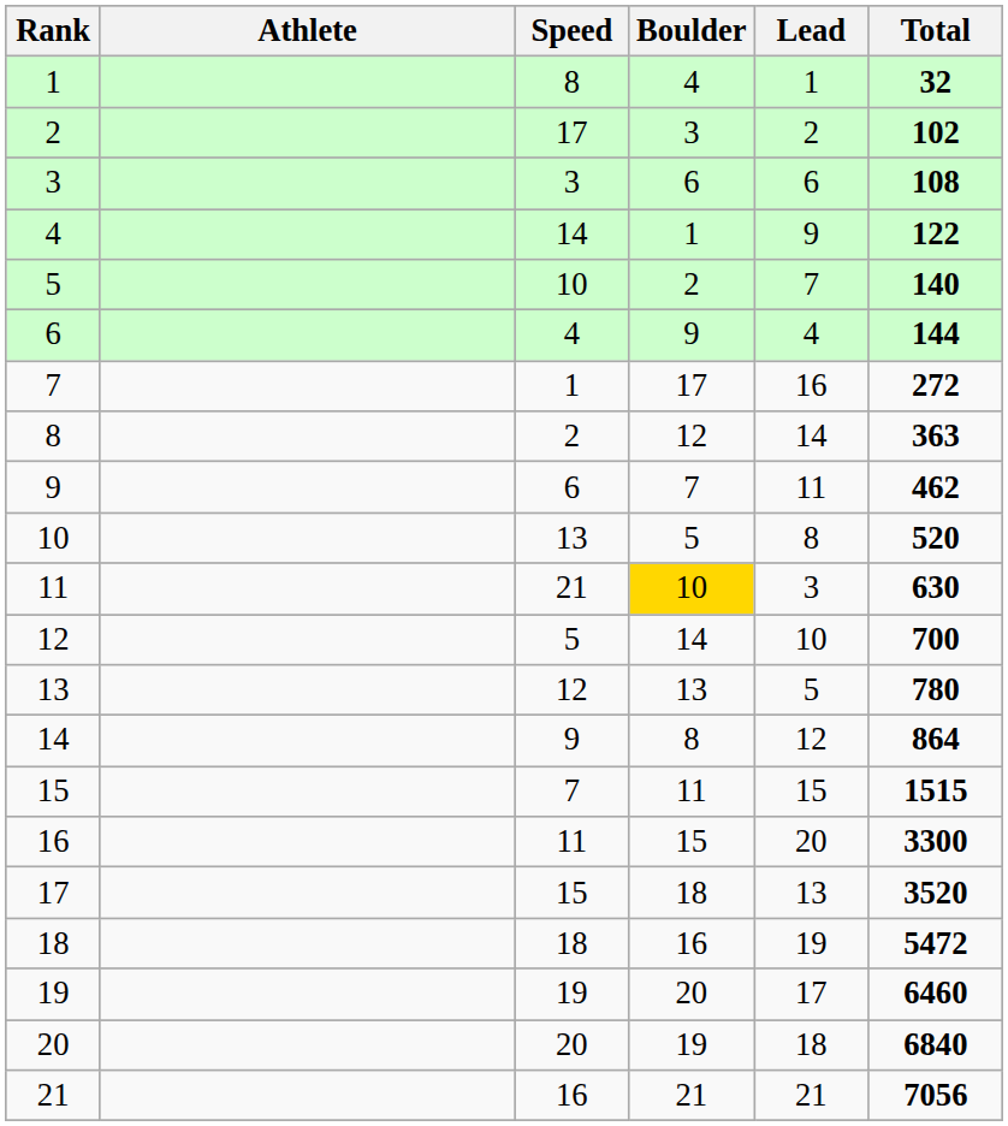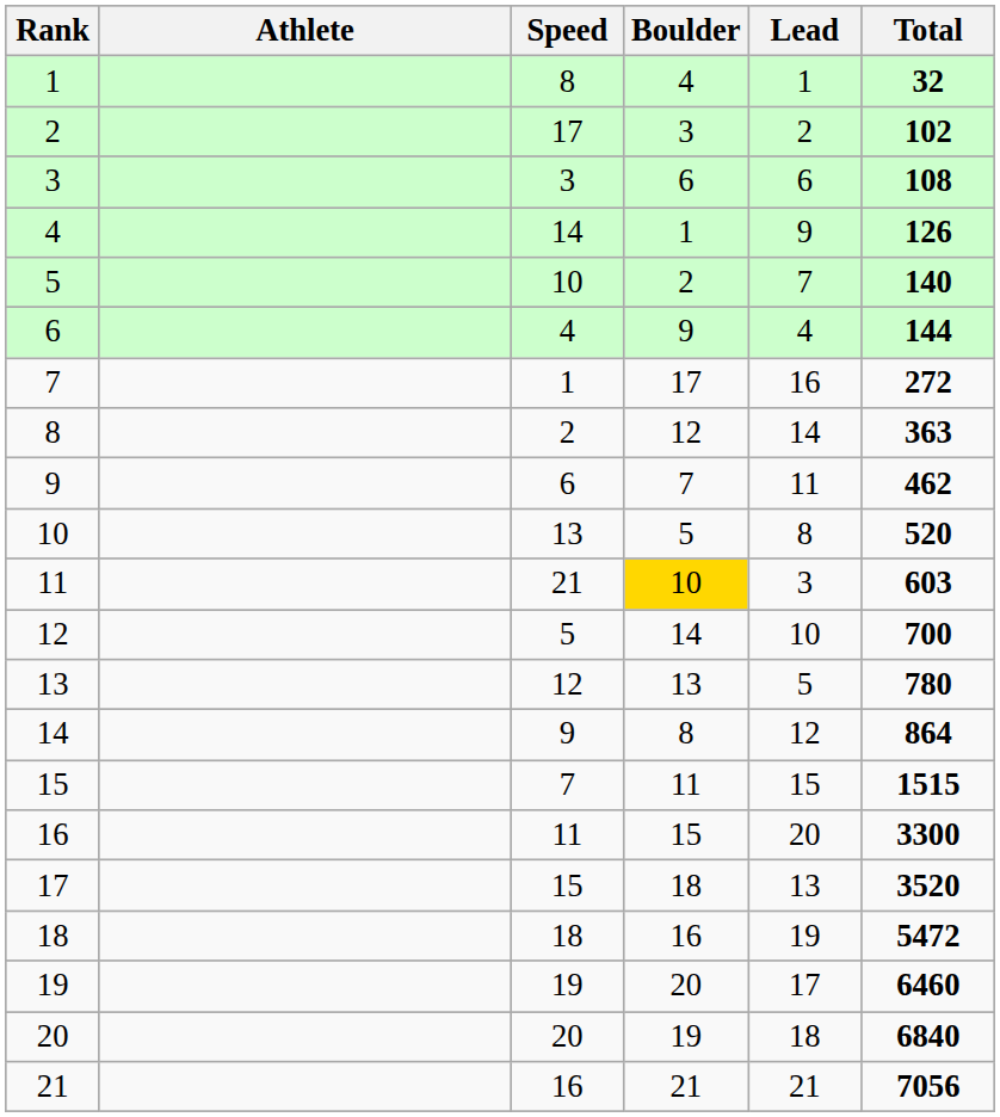 <table class="wikitable" style="text-align:center">
 <tr>
 <th width=40>Rank</th>
 <th width=200>Athlete</th>
 <th width=50>Speed</th>
 <th width=50>Boulder</th>
 <th width=50>Lead</th>
 <th width=60>Total</th>
 </tr>
 <tr bgcolor=ccffcc>
 <td>1</td>
 <td align=left></td>
 <td>8</td>
 <td>4</td>
 <td>1</td>
 <td><strong>32</strong></td>
 </tr>
 <tr bgcolor=ccffcc>
 <td>2</td>
 <td align=left></td>
 <td>17</td>
 <td>3</td>
 <td>2</td>
 <td><strong>102</strong></td>
 </tr>
 <tr bgcolor=ccffcc>
 <td>3</td>
 <td align=left></td>
 <td>3</td>
 <td>6</td>
 <td>6</td>
 <td><strong>108</strong></td>
 </tr>
 <tr bgcolor=ccffcc>
 <td>4</td>
 <td align=left></td>
 <td>14</td>
 <td>1</td>
 <td>9</td>
-<td><strong>122</strong></td>
+<td><strong>126</strong></td>
 </tr>
 <tr bgcolor=ccffcc>
 <td>5</td>
 <td align=left></td>
 <td>10</td>
 <td>2</td>
 <td>7</td>
 <td><strong>140</strong></td>
 </tr>
 <tr bgcolor=ccffcc>
 <td>6</td>
 <td align=left></td>
 <td>4</td>
 <td>9</td>
 <td>4</td>
 <td><strong>144</strong></td>
 </tr>
 <tr>
 <td>7</td>
 <td align=left></td>
 <td>1</td>
 <td>17</td>
 <td>16</td>
 <td><strong>272</strong></td>
 </tr>
 <tr>
 <td>8</td>
 <td align=left></td>
 <td>2</td>
 <td>12</td>
 <td>14</td>
 <td><strong>363</strong></td>
 </tr>
 <tr>
 <td>9</td>
 <td align=left></td>
 <td>6</td>
 <td>7</td>
 <td>11</td>
 <td><strong>462</strong></td>
 </tr>
 <tr>
 <td>10</td>
 <td align=left></td>
 <td>13</td>
 <td>5</td>
 <td>8</td>
 <td><strong>520</strong></td>
 </tr>
 <tr>
 <td>11</td>
 <td align=left></td>
 <td>21</td>
 <td style="background: gold;">10</td>
 <td>3</td>
-<td><strong>630</strong></td>
+<td><strong>603</strong></td>
 </tr>
 <tr>
 <td>12</td>
 <td align=left></td>
 <td>5</td>
 <td>14</td>
 <td>10</td>
 <td><strong>700</strong></td>
 </tr>
 <tr>
 <td>13</td>
 <td align=left></td>
 <td>12</td>
 <td>13</td>
 <td>5</td>
 <td><strong>780</strong></td>
 </tr>
 <tr>
 <td>14</td>
 <td align=left></td>
 <td>9</td>
 <td>8</td>
 <td>12</td>
 <td><strong>864</strong></td>
 </tr>
 <tr>
 <td>15</td>
 <td align=left></td>
 <td>7</td>
 <td>11</td>
 <td>15</td>
 <td><strong>1515</strong></td>
 </tr>
 <tr>
 <td>16</td>
 <td align=left></td>
 <td>11</td>
 <td>15</td>
 <td>20</td>
 <td><strong>3300</strong></td>
 </tr>
 <tr>
 <td>17</td>
 <td align=left></td>
 <td>15</td>
 <td>18</td>
 <td>13</td>
 <td><strong>3520</strong></td>
 </tr>
 <tr>
 <td>18</td>
 <td align=left></td>
 <td>18</td>
 <td>16</td>
 <td>19</td>
 <td><strong>5472</strong></td>
 </tr>
 <tr>
 <td>19</td>
 <td align=left></td>
 <td>19</td>
 <td>20</td>
 <td>17</td>
 <td><strong>6460</strong></td>
 </tr>
 <tr>
 <td>20</td>
 <td align=left></td>
 <td>20</td>
 <td>19</td>
 <td>18</td>
 <td><strong>6840</strong></td>
 </tr>
 <tr>
 <td>21</td>
 <td align=left></td>
 <td>16</td>
 <td>21</td>
 <td>21</td>
 <td><strong>7056</strong></td>
 </tr>
 </table>
